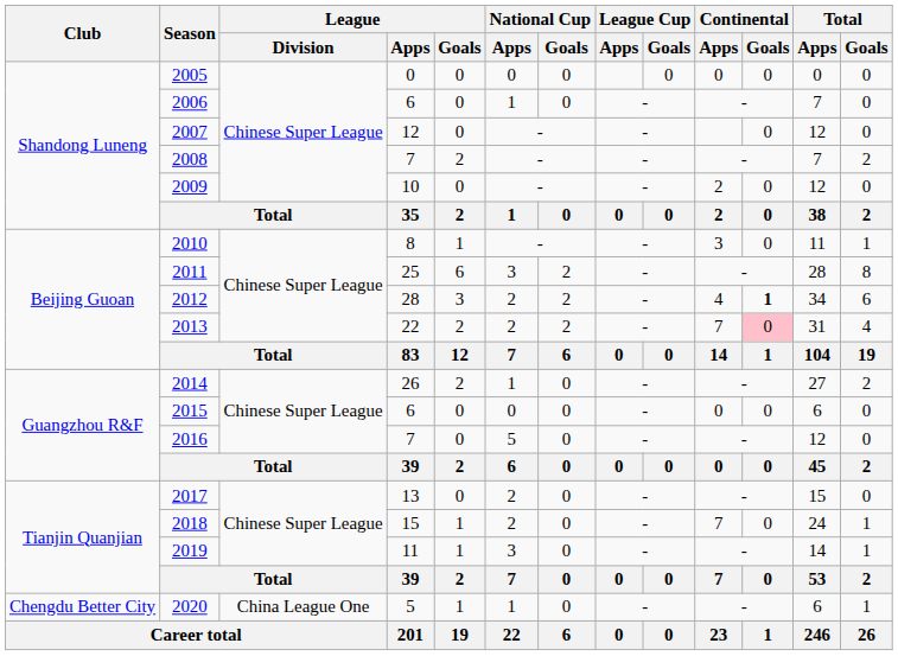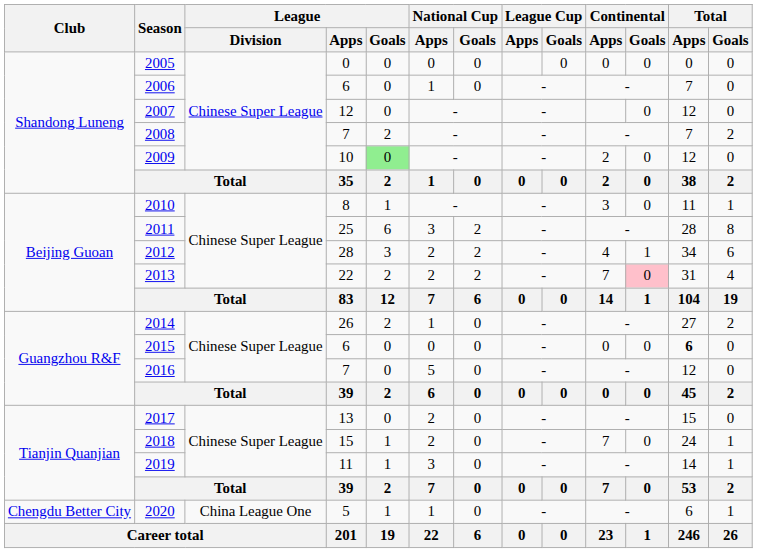 <table class="wikitable" style="text-align: center">
 <tr>
 <th rowspan="2">Club</th>
 <th rowspan="2">Season</th>
 <th colspan="3">League</th>
 <th colspan="2">National Cup</th>
 <th colspan="2">League Cup</th>
 <th colspan="2">Continental</th>
 <th colspan="2">Total</th>
 </tr>
 <tr>
 <th>Division</th>
 <th>Apps</th>
 <th>Goals</th>
 <th>Apps</th>
 <th>Goals</th>
 <th>Apps</th>
 <th>Goals</th>
 <th>Apps</th>
 <th>Goals</th>
 <th>Apps</th>
 <th>Goals</th>
 </tr>
 <tr>
 <td rowspan=6><a href='#'>Shandong Luneng</a></td>
 <td><a href='#'>2005</a></td>
 <td rowspan=5><a href='#'>Chinese Super League</a></td>
 <td>0</td>
 <td>0</td>
 <td>0</td>
 <td>0</td>
 <td></td>
 <td>0</td>
 <td>0</td>
 <td>0</td>
 <td>0</td>
 <td>0</td>
 </tr>
 <tr>
 <td><a href='#'>2006</a></td>
 <td>6</td>
 <td>0</td>
 <td>1</td>
 <td>0</td>
 <td colspan="2">-</td>
 <td colspan="2">-</td>
 <td>7</td>
 <td>0</td>
 </tr>
 <tr>
 <td><a href='#'>2007</a></td>
 <td>12</td>
 <td>0</td>
 <td colspan="2">-</td>
 <td colspan="2">-</td>
 <td></td>
 <td>0</td>
 <td>12</td>
 <td>0</td>
 </tr>
 <tr>
 <td><a href='#'>2008</a></td>
 <td>7</td>
 <td>2</td>
 <td colspan="2">-</td>
 <td colspan="2">-</td>
 <td colspan="2">-</td>
 <td>7</td>
 <td>2</td>
 </tr>
 <tr>
 <td><a href='#'>2009</a></td>
 <td>10</td>
-<td>0</td>
+<td style="background: lightgreen;">0</td>
 <td colspan="2">-</td>
 <td colspan="2">-</td>
 <td>2</td>
 <td>0</td>
 <td>12</td>
 <td>0</td>
 </tr>
 <tr>
 <th colspan=2>Total</th>
 <th>35</th>
 <th>2</th>
 <th>1</th>
 <th>0</th>
 <th>0</th>
 <th>0</th>
 <th>2</th>
 <th>0</th>
 <th>38</th>
 <th>2</th>
 </tr>
 <tr>
 <td rowspan=5><a href='#'>Beijing Guoan</a></td>
 <td><a href='#'>2010</a></td>
 <td rowspan=4>Chinese Super League</td>
 <td>8</td>
 <td>1</td>
 <td colspan="2">-</td>
 <td colspan="2">-</td>
 <td>3</td>
 <td>0</td>
 <td>11</td>
 <td>1</td>
 </tr>
 <tr>
 <td><a href='#'>2011</a></td>
 <td>25</td>
 <td>6</td>
 <td>3</td>
 <td>2</td>
 <td colspan="2">-</td>
 <td colspan="2">-</td>
 <td>28</td>
 <td>8</td>
 </tr>
 <tr>
 <td><a href='#'>2012</a></td>
 <td>28</td>
 <td>3</td>
 <td>2</td>
 <td>2</td>
 <td colspan="2">-</td>
 <td>4</td>
-<td><strong>1</strong></td>
+<td>1</td>
 <td>34</td>
 <td>6</td>
 </tr>
 <tr>
 <td><a href='#'>2013</a></td>
 <td>22</td>
 <td>2</td>
 <td>2</td>
 <td>2</td>
 <td colspan="2">-</td>
 <td>7</td>
 <td style="background: pink;">0</td>
 <td>31</td>
 <td>4</td>
 </tr>
 <tr>
 <th colspan=2>Total</th>
 <th>83</th>
 <th>12</th>
 <th>7</th>
 <th>6</th>
 <th>0</th>
 <th>0</th>
 <th>14</th>
 <th>1</th>
 <th>104</th>
 <th>19</th>
 </tr>
 <tr>
 <td rowspan=4><a href='#'>Guangzhou R&F</a></td>
 <td><a href='#'>2014</a></td>
 <td rowspan=3>Chinese Super League</td>
 <td>26</td>
 <td>2</td>
 <td>1</td>
 <td>0</td>
 <td colspan="2">-</td>
 <td colspan="2">-</td>
 <td>27</td>
 <td>2</td>
 </tr>
 <tr>
 <td><a href='#'>2015</a></td>
 <td>6</td>
 <td>0</td>
 <td>0</td>
 <td>0</td>
 <td colspan="2">-</td>
 <td>0</td>
 <td>0</td>
-<td>6</td>
+<td><strong>6</strong></td>
 <td>0</td>
 </tr>
 <tr>
 <td><a href='#'>2016</a></td>
 <td>7</td>
 <td>0</td>
 <td>5</td>
 <td>0</td>
 <td colspan="2">-</td>
 <td colspan="2">-</td>
 <td>12</td>
 <td>0</td>
 </tr>
 <tr>
 <th colspan=2>Total</th>
 <th>39</th>
 <th>2</th>
 <th>6</th>
 <th>0</th>
 <th>0</th>
 <th>0</th>
 <th>0</th>
 <th>0</th>
 <th>45</th>
 <th>2</th>
 </tr>
 <tr>
 <td rowspan=4><a href='#'>Tianjin Quanjian</a></td>
 <td><a href='#'>2017</a></td>
 <td rowspan=3>Chinese Super League</td>
 <td>13</td>
 <td>0</td>
 <td>2</td>
 <td>0</td>
 <td colspan="2">-</td>
 <td colspan="2">-</td>
 <td>15</td>
 <td>0</td>
 </tr>
 <tr>
 <td><a href='#'>2018</a></td>
 <td>15</td>
 <td>1</td>
 <td>2</td>
 <td>0</td>
 <td colspan="2">-</td>
 <td>7</td>
 <td>0</td>
 <td>24</td>
 <td>1</td>
 </tr>
 <tr>
 <td><a href='#'>2019</a></td>
 <td>11</td>
 <td>1</td>
 <td>3</td>
 <td>0</td>
 <td colspan="2">-</td>
 <td colspan="2">-</td>
 <td>14</td>
 <td>1</td>
 </tr>
 <tr>
 <th colspan=2>Total</th>
 <th>39</th>
 <th>2</th>
 <th>7</th>
 <th>0</th>
 <th>0</th>
 <th>0</th>
 <th>7</th>
 <th>0</th>
 <th>53</th>
 <th>2</th>
 </tr>
 <tr>
 <td><a href='#'>Chengdu Better City</a></td>
 <td><a href='#'>2020</a></td>
 <td>China League One</td>
 <td>5</td>
 <td>1</td>
 <td>1</td>
 <td>0</td>
 <td colspan="2">-</td>
 <td colspan="2">-</td>
 <td>6</td>
 <td>1</td>
 </tr>
 <tr>
 <th colspan=3>Career total</th>
 <th>201</th>
 <th>19</th>
 <th>22</th>
 <th>6</th>
 <th>0</th>
 <th>0</th>
 <th>23</th>
 <th>1</th>
 <th>246</th>
 <th>26</th>
 </tr>
 </table>
